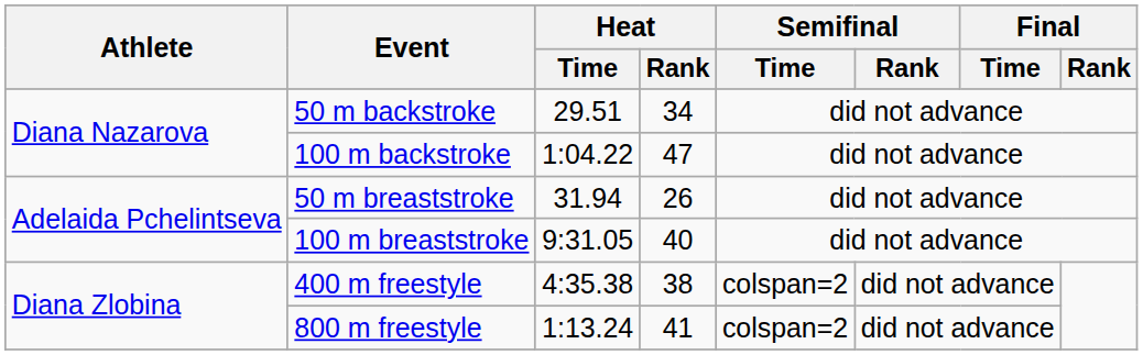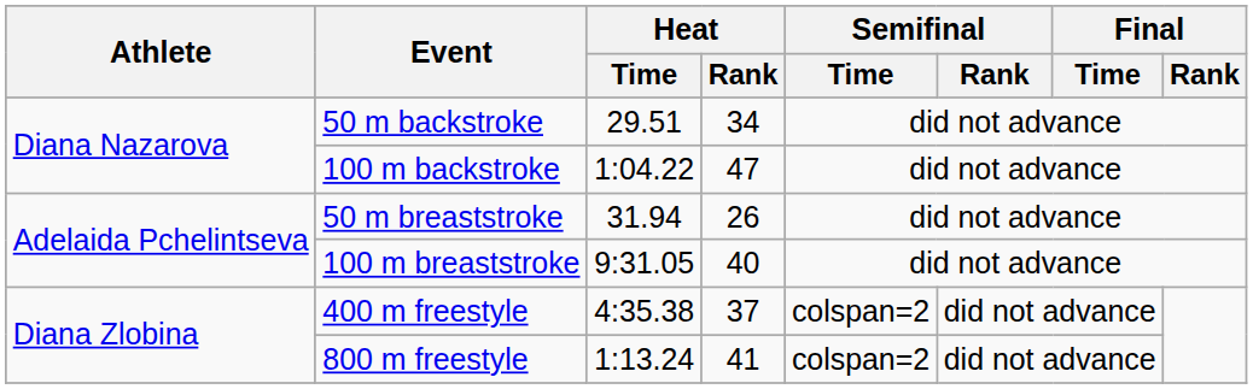 <table class="wikitable" style="text-align:center; font-size:90%">
 <tr>
 <th rowspan="2">Athlete</th>
 <th rowspan="2">Event</th>
 <th colspan="2">Heat</th>
 <th colspan="2">Semifinal</th>
 <th colspan="2">Final</th>
 </tr>
 <tr style="font-size:95%">
 <th>Time</th>
 <th>Rank</th>
 <th>Time</th>
 <th>Rank</th>
 <th>Time</th>
 <th>Rank</th>
 </tr>
 <tr>
 <td align=left rowspan=2><a href='#'>Diana Nazarova</a></td>
 <td align=left><a href='#'>50 m backstroke</a></td>
 <td>29.51</td>
 <td>34</td>
 <td colspan=4>did not advance</td>
 </tr>
 <tr>
 <td align=left><a href='#'>100 m backstroke</a></td>
 <td>1:04.22</td>
 <td>47</td>
 <td colspan=4>did not advance</td>
 </tr>
 <tr>
 <td align=left rowspan=2><a href='#'>Adelaida Pchelintseva</a></td>
 <td align=left><a href='#'>50 m breaststroke</a></td>
 <td>31.94</td>
 <td>26</td>
 <td colspan=4>did not advance</td>
 </tr>
 <tr>
 <td align=left><a href='#'>100 m breaststroke</a></td>
 <td>9:31.05</td>
 <td>40</td>
 <td colspan=4>did not advance</td>
 </tr>
 <tr>
 <td align=left rowspan=2><a href='#'>Diana Zlobina</a></td>
 <td align=left><a href='#'>400 m freestyle</a></td>
 <td>4:35.38</td>
-<td>38</td>
+<td>37</td>
 <td>colspan=2 </td>
 <td colspan=2>did not advance</td>
 </tr>
 <tr>
 <td align=left><a href='#'>800 m freestyle</a></td>
 <td>1:13.24</td>
 <td>41</td>
 <td>colspan=2 </td>
 <td colspan=2>did not advance</td>
 </tr>
 </table>
